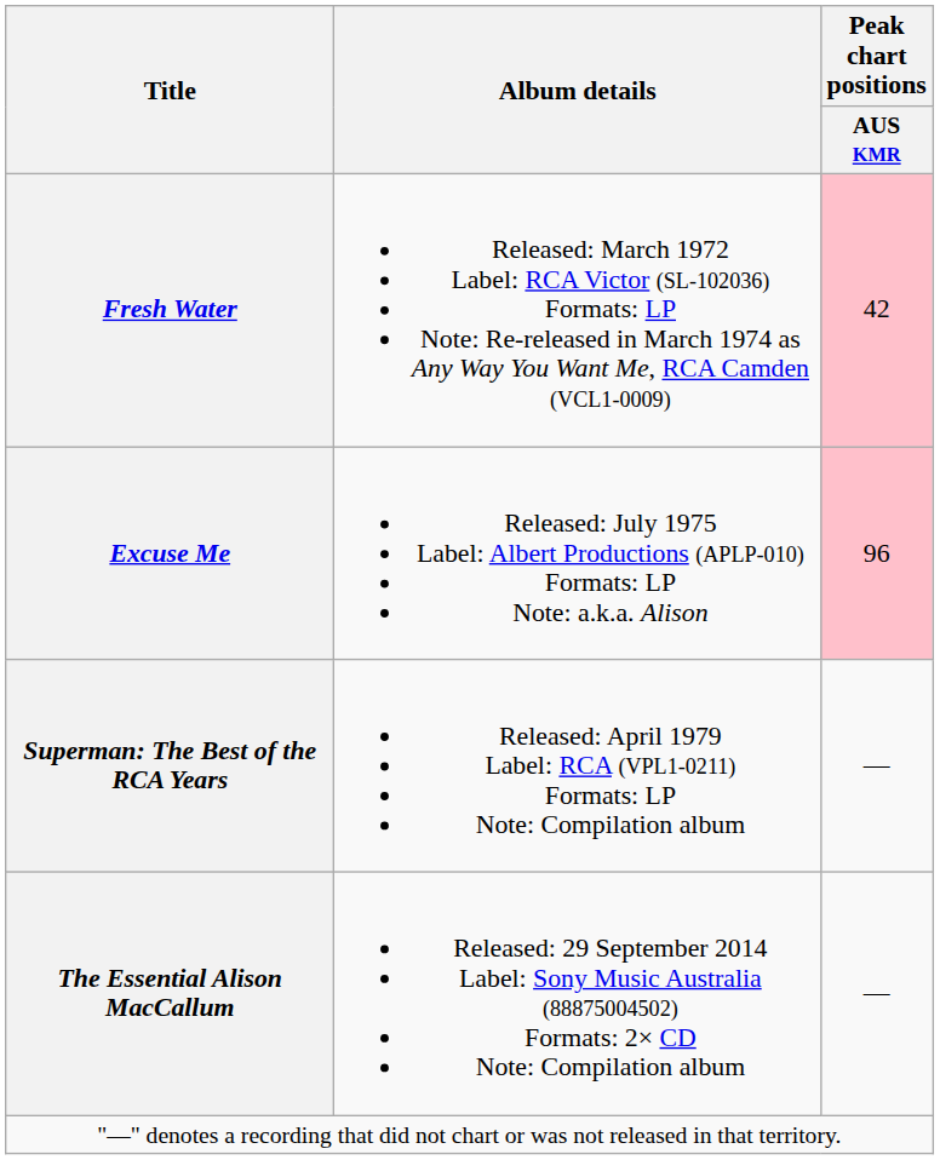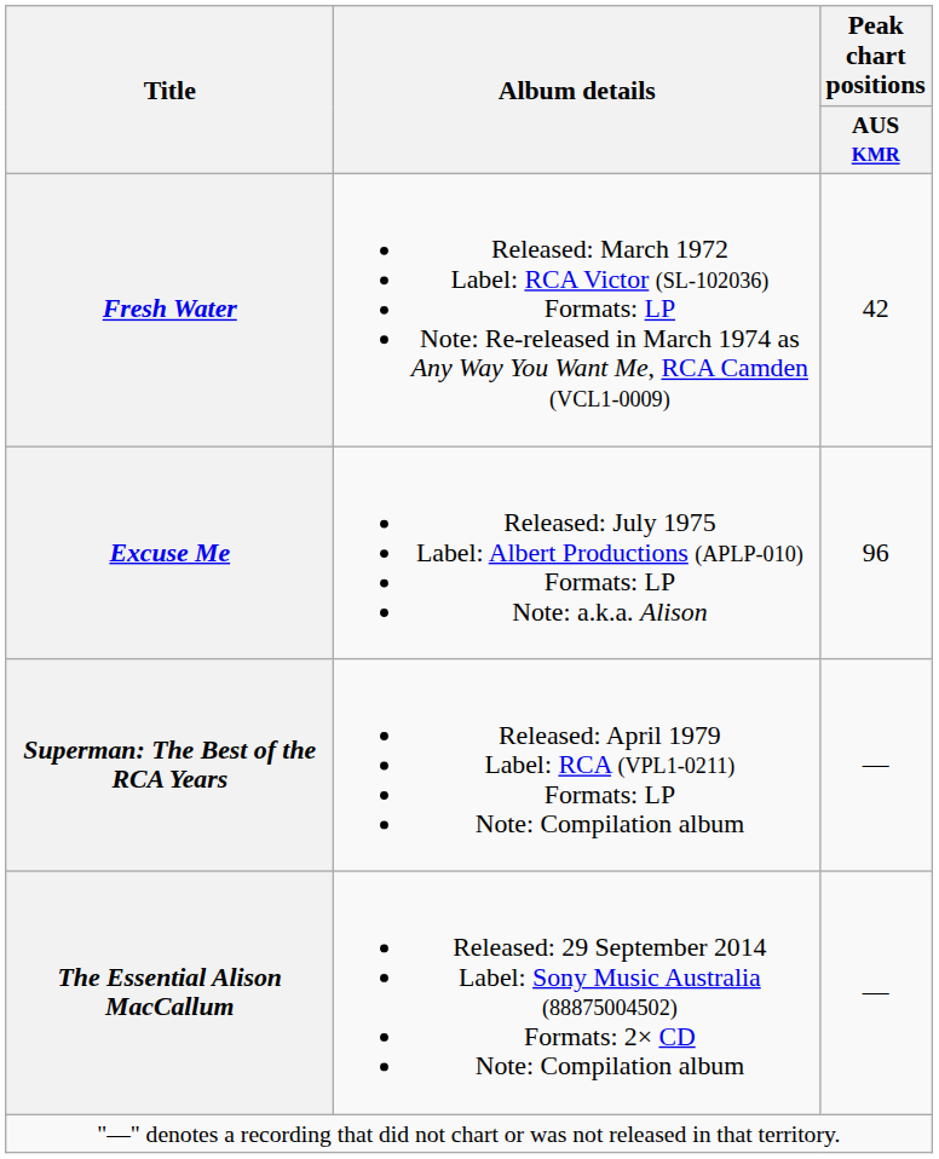 <table class="wikitable plainrowheaders" style="text-align:center;">
 <tr>
 <th scope="col" rowspan="2" style="width:12em;">Title</th>
 <th scope="col" rowspan="2" style="width:18em;">Album details</th>
 <th scope="col">Peak chart positions</th>
 </tr>
 <tr>
 <th scope="col" style="width:3em;font-size:90%;">AUS<br><small><a href='#'>KMR</a></small><br></th>
 </tr>
 <tr>
 <th scope="row"><em><a href='#'>Fresh Water</a></em></th>
 <td><br><ul><li>Released: March 1972</li><li>Label: <a href='#'>RCA Victor</a> <small>(SL-102036)</small></li><li>Formats: <a href='#'>LP</a></li><li>Note: Re-released in March 1974 as <em>Any Way You Want Me</em>, <a href='#'>RCA Camden</a> <small>(VCL1-0009)</small></li></ul></td>
-<td style="background: pink;">42</td>
+<td>42</td>
 </tr>
 <tr>
 <th scope="row"><em><a href='#'>Excuse Me</a></em></th>
 <td><br><ul><li>Released: July 1975</li><li>Label: <a href='#'>Albert Productions</a> <small>(APLP-010)</small></li><li>Formats: LP</li><li>Note: a.k.a. <em>Alison</em></li></ul></td>
-<td style="background: pink;">96</td>
+<td>96</td>
 </tr>
 <tr>
 <th scope="row"><em>Superman: The Best of the RCA Years</em></th>
 <td><br><ul><li>Released: April 1979</li><li>Label: <a href='#'>RCA</a> <small>(VPL1-0211)</small></li><li>Formats:  LP</li><li>Note: Compilation album</li></ul></td>
 <td>—</td>
 </tr>
 <tr>
 <th scope="row"><em>The Essential Alison MacCallum</em></th>
 <td><br><ul><li>Released: 29 September 2014</li><li>Label: <a href='#'>Sony Music Australia</a> <small>(88875004502)</small></li><li>Formats:  2× <a href='#'>CD</a></li><li>Note: Compilation album</li></ul></td>
 <td>—</td>
 </tr>
 <tr>
 <td colspan="5" style="font-size:90%">"—" denotes a recording that did not chart or was not released in that territory.</td>
 </tr>
 </table>
